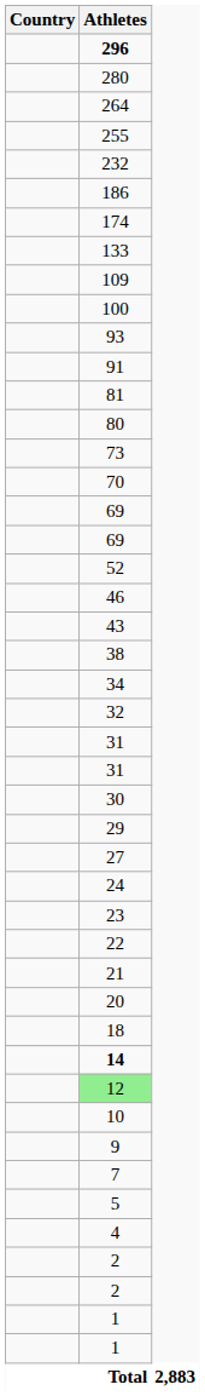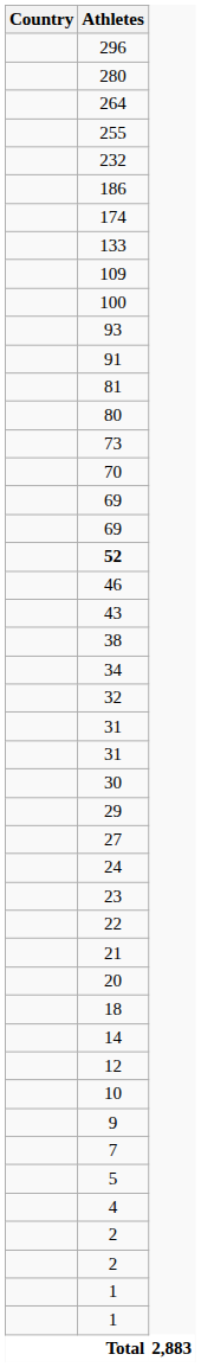 <table class="wikitable collapsible collapsed sortable" style="border:0;">
 <tr>
 <th>Country</th>
 <th>Athletes</th>
 </tr>
 <tr>
 <td></td>
-<td align=center><strong>296</strong></td>
+<td align=center>296</td>
 </tr>
 <tr>
 <td></td>
 <td align=center>280</td>
 </tr>
 <tr>
 <td></td>
 <td align=center>264</td>
 </tr>
 <tr>
 <td></td>
 <td align=center>255</td>
 </tr>
 <tr>
 <td></td>
 <td align=center>232</td>
 </tr>
 <tr>
 <td></td>
 <td align=center>186</td>
 </tr>
 <tr>
 <td></td>
 <td align=center>174</td>
 </tr>
 <tr>
 <td></td>
 <td align=center>133</td>
 </tr>
 <tr>
 <td></td>
 <td align=center>109</td>
 </tr>
 <tr>
 <td></td>
 <td align=center>100</td>
 </tr>
 <tr>
 <td></td>
 <td align=center>93</td>
 </tr>
 <tr>
 <td></td>
 <td align=center>91</td>
 </tr>
 <tr>
 <td></td>
 <td align=center>81</td>
 </tr>
 <tr>
 <td></td>
 <td align=center>80</td>
 </tr>
 <tr>
 <td></td>
 <td align=center>73</td>
 </tr>
 <tr>
 <td></td>
 <td align=center>70</td>
 </tr>
 <tr>
 <td></td>
 <td align=center>69</td>
 </tr>
 <tr>
 <td></td>
 <td align=center>69</td>
 </tr>
 <tr>
 <td></td>
-<td align=center>52</td>
+<td align=center><strong>52</strong></td>
 </tr>
 <tr>
 <td></td>
 <td align=center>46</td>
 </tr>
 <tr>
 <td></td>
 <td align=center>43</td>
 </tr>
 <tr>
 <td></td>
 <td align=center>38</td>
 </tr>
 <tr>
 <td></td>
 <td align=center>34</td>
 </tr>
 <tr>
 <td></td>
 <td align=center>32</td>
 </tr>
 <tr>
 <td></td>
 <td align=center>31</td>
 </tr>
 <tr>
 <td></td>
 <td align=center>31</td>
 </tr>
 <tr>
 <td></td>
 <td align=center>30</td>
 </tr>
 <tr>
 <td></td>
 <td align=center>29</td>
 </tr>
 <tr>
 <td></td>
 <td align=center>27</td>
 </tr>
 <tr>
 <td></td>
 <td align=center>24</td>
 </tr>
 <tr>
 <td></td>
 <td align=center>23</td>
 </tr>
 <tr>
 <td></td>
 <td align=center>22</td>
 </tr>
 <tr>
 <td></td>
 <td align=center>21</td>
 </tr>
 <tr>
 <td></td>
 <td align=center>20</td>
 </tr>
 <tr>
 <td></td>
 <td align=center>18</td>
 </tr>
 <tr>
 <td></td>
-<td align=center><strong>14</strong></td>
+<td align=center>14</td>
 </tr>
 <tr>
 <td></td>
-<td align=center style="background: lightgreen;">12</td>
+<td align=center>12</td>
 </tr>
 <tr>
 <td></td>
 <td align=center>10</td>
 </tr>
 <tr>
 <td></td>
 <td align=center>9</td>
 </tr>
 <tr>
 <td></td>
 <td align=center>7</td>
 </tr>
 <tr>
 <td></td>
 <td align=center>5</td>
 </tr>
 <tr>
 <td></td>
 <td align=center>4</td>
 </tr>
 <tr>
 <td></td>
 <td align=center>2</td>
 </tr>
 <tr>
 <td></td>
 <td align=center>2</td>
 </tr>
 <tr>
 <td></td>
 <td align=center>1</td>
 </tr>
 <tr>
 <td></td>
 <td align=center>1</td>
 </tr>
 <tr class="sortbottom">
 <td colspan=2; style="text-align:right; border:0px; background:#fff;"><strong>Total</strong></td>
 <td style="text-align:center; border:0px; background:#fff;"><strong>2,883</strong></td>
 </tr>
 <tr>
 </tr>
 </table>
